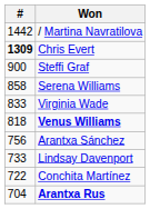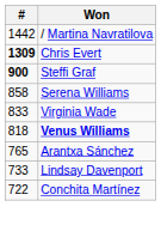 <table class=wikitable style=display:inline-table>
 <tr>
 <th>#</th>
 <th>Won</th>
 </tr>
 <tr>
 <td>1442</td>
 <td>/ <a href='#'>Martina Navratilova</a></td>
 </tr>
 <tr>
 <td><strong>1309</strong></td>
 <td> <a href='#'>Chris Evert</a></td>
 </tr>
 <tr>
-<td>900</td>
+<td><strong>900</strong></td>
 <td> <a href='#'>Steffi Graf</a></td>
 </tr>
 <tr>
 <td>858</td>
 <td> <a href='#'>Serena Williams</a></td>
 </tr>
 <tr>
 <td>833</td>
 <td> <a href='#'>Virginia Wade</a></td>
 </tr>
 <tr>
 <td>818</td>
 <td> <strong><a href='#'>Venus Williams</a></strong></td>
 </tr>
 <tr>
-<td>756</td>
+<td>765</td>
 <td> <a href='#'>Arantxa Sánchez</a></td>
 </tr>
 <tr>
 <td>733</td>
 <td> <a href='#'>Lindsay Davenport</a></td>
 </tr>
 <tr>
 <td>722</td>
 <td> <a href='#'>Conchita Martínez</a></td>
 </tr>
-<tr>
-<td>704</td>
-<td> <strong><a href='#'>Arantxa Rus</a></strong></td>
-</tr>
 </table>
